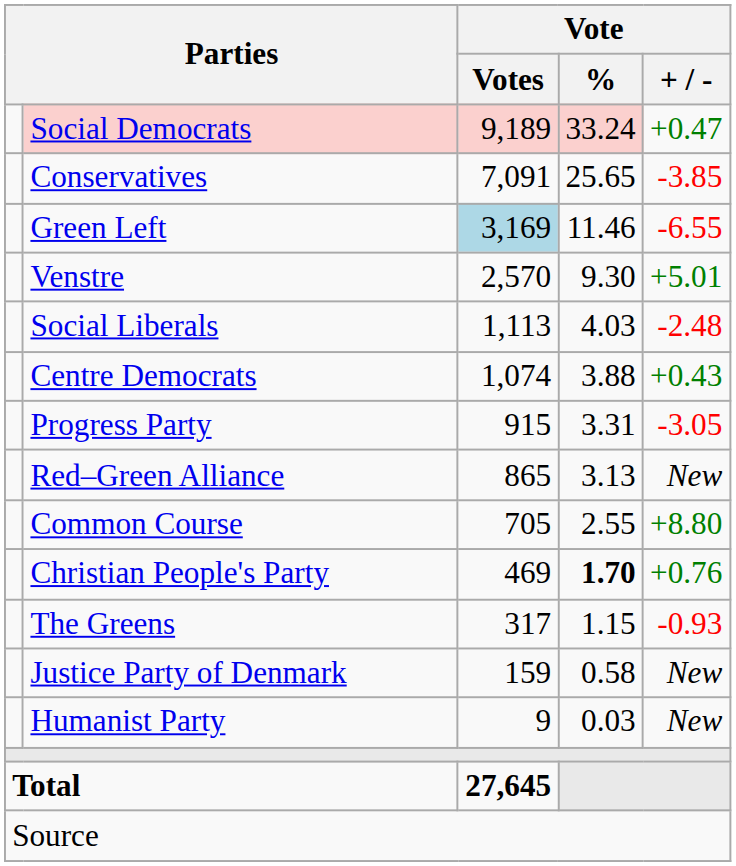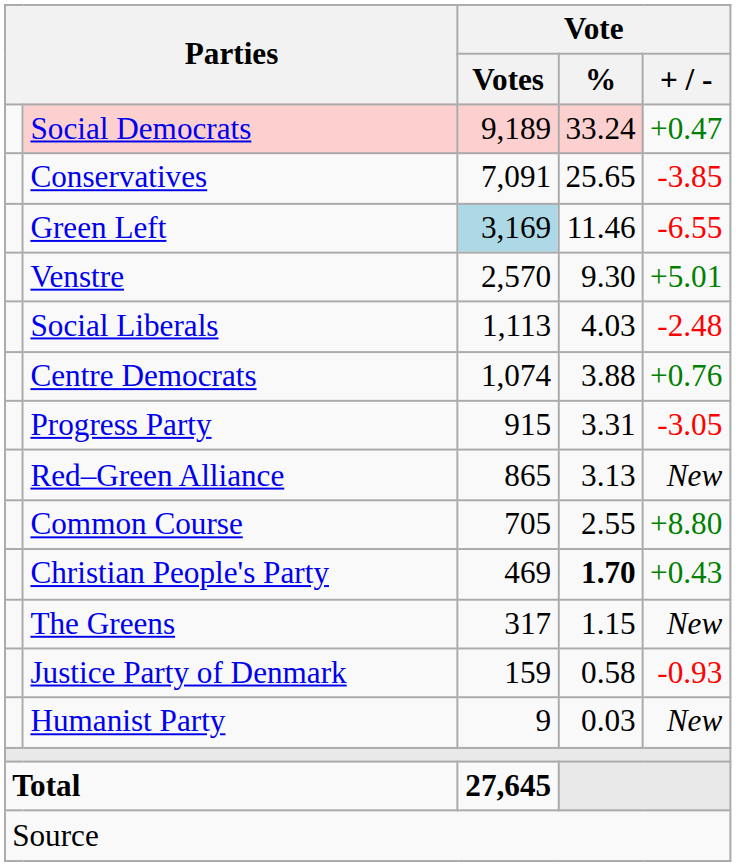 <table class="wikitable" style="text-align:right;">
 <tr>
 <th style="text-align:centre;" rowspan="2" colspan="2" width="225">Parties</th>
 <th colspan="3">Vote</th>
 </tr>
 <tr>
 <th width="15">Votes</th>
 <th width="15">%</th>
 <th width="15">+ / -</th>
 </tr>
 <tr>
 <td width="2" style="color:inherit;background:"></td>
 <td bgcolor=#fbd0ce  align="left"><a href='#'>Social Democrats</a></td>
 <td bgcolor=#fbd0ce>9,189</td>
 <td bgcolor=#fbd0ce>33.24</td>
 <td style=color:green;>+0.47</td>
 </tr>
 <tr>
 <td width="2" style="color:inherit;background:"></td>
 <td align="left"><a href='#'>Conservatives</a></td>
 <td>7,091</td>
 <td>25.65</td>
 <td style=color:red;>-3.85</td>
 </tr>
 <tr>
 <td width="2" style="color:inherit;background:"></td>
 <td align="left"><a href='#'>Green Left</a></td>
 <td style="background: lightblue;">3,169</td>
 <td>11.46</td>
 <td style=color:red;>-6.55</td>
 </tr>
 <tr>
 <td width="2" style="color:inherit;background:"></td>
 <td align="left"><a href='#'>Venstre</a></td>
 <td>2,570</td>
 <td>9.30</td>
 <td style=color:green;>+5.01</td>
 </tr>
 <tr>
 <td width="2" style="color:inherit;background:"></td>
 <td align="left"><a href='#'>Social Liberals</a></td>
 <td>1,113</td>
 <td>4.03</td>
 <td style=color:red;>-2.48</td>
 </tr>
 <tr>
 <td width="2" style="color:inherit;background:"></td>
 <td align="left"><a href='#'>Centre Democrats</a></td>
 <td>1,074</td>
 <td>3.88</td>
-<td style=color:green;>+0.43</td>
+<td style=color:green;>+0.76</td>
 </tr>
 <tr>
 <td width="2" style="color:inherit;background:"></td>
 <td align="left"><a href='#'>Progress Party</a></td>
 <td>915</td>
 <td>3.31</td>
 <td style=color:red;>-3.05</td>
 </tr>
 <tr>
 <td width="2" style="color:inherit;background:"></td>
 <td align="left"><a href='#'>Red–Green Alliance</a></td>
 <td>865</td>
 <td>3.13</td>
 <td><em>New</em></td>
 </tr>
 <tr>
 <td width="2" style="color:inherit;background:"></td>
 <td align="left"><a href='#'>Common Course</a></td>
 <td>705</td>
 <td>2.55</td>
 <td style=color:green;>+8.80</td>
 </tr>
 <tr>
 <td width="2" style="color:inherit;background:"></td>
 <td align="left"><a href='#'>Christian People's Party</a></td>
 <td>469</td>
 <td><strong>1.70</strong></td>
-<td style=color:green;>+0.76</td>
+<td style=color:green;>+0.43</td>
 </tr>
 <tr>
 <td width="2" style="color:inherit;background:"></td>
 <td align="left"><a href='#'>The Greens</a></td>
 <td>317</td>
 <td>1.15</td>
-<td style=color:red;>-0.93</td>
+<td><em>New</em></td>
 </tr>
 <tr>
 <td width="2" style="color:inherit;background:"></td>
 <td align="left"><a href='#'>Justice Party of Denmark</a></td>
 <td>159</td>
 <td>0.58</td>
-<td><em>New</em></td>
+<td style=color:red;>-0.93</td>
 </tr>
 <tr>
 <td width="2" style="color:inherit;background:"></td>
 <td align="left"><a href='#'>Humanist Party</a></td>
 <td>9</td>
 <td>0.03</td>
 <td><em>New</em></td>
 </tr>
 <tr>
 <td colspan="7" bgcolor="#E9E9E9"></td>
 </tr>
 <tr>
 <td align="left" colspan="2"><strong>Total</strong></td>
 <td><strong>27,645</strong></td>
 <td bgcolor="#E9E9E9" colspan="2"></td>
 </tr>
 <tr>
 <td align="left" colspan="6">Source</td>
 </tr>
 </table>
